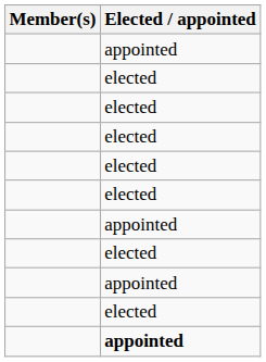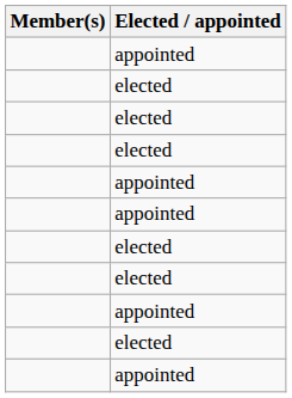 <table class="wikitable sortable">
 <tr>
 <th>Member(s)</th>
 <th>Elected / appointed</th>
 </tr>
 <tr>
 <td></td>
 <td>appointed</td>
 </tr>
 <tr>
 <td></td>
 <td>elected</td>
 </tr>
 <tr>
 <td></td>
 <td>elected</td>
 </tr>
 <tr>
 <td></td>
 <td>elected</td>
 </tr>
 <tr>
 <td></td>
+<td>appointed</td>
+</tr>
+<tr>
+<td></td>
+<td>appointed</td>
+</tr>
+<tr>
+<td></td>
 <td>elected</td>
 </tr>
 <tr>
 <td></td>
 <td>elected</td>
 </tr>
 <tr>
 <td></td>
 <td>appointed</td>
 </tr>
 <tr>
 <td></td>
 <td>elected</td>
 </tr>
 <tr>
 <td></td>
 <td>appointed</td>
 </tr>
-<tr>
-<td></td>
-<td>elected</td>
-</tr>
-<tr>
-<td></td>
-<td><strong>appointed</strong></td>
-</tr>
 </table>
